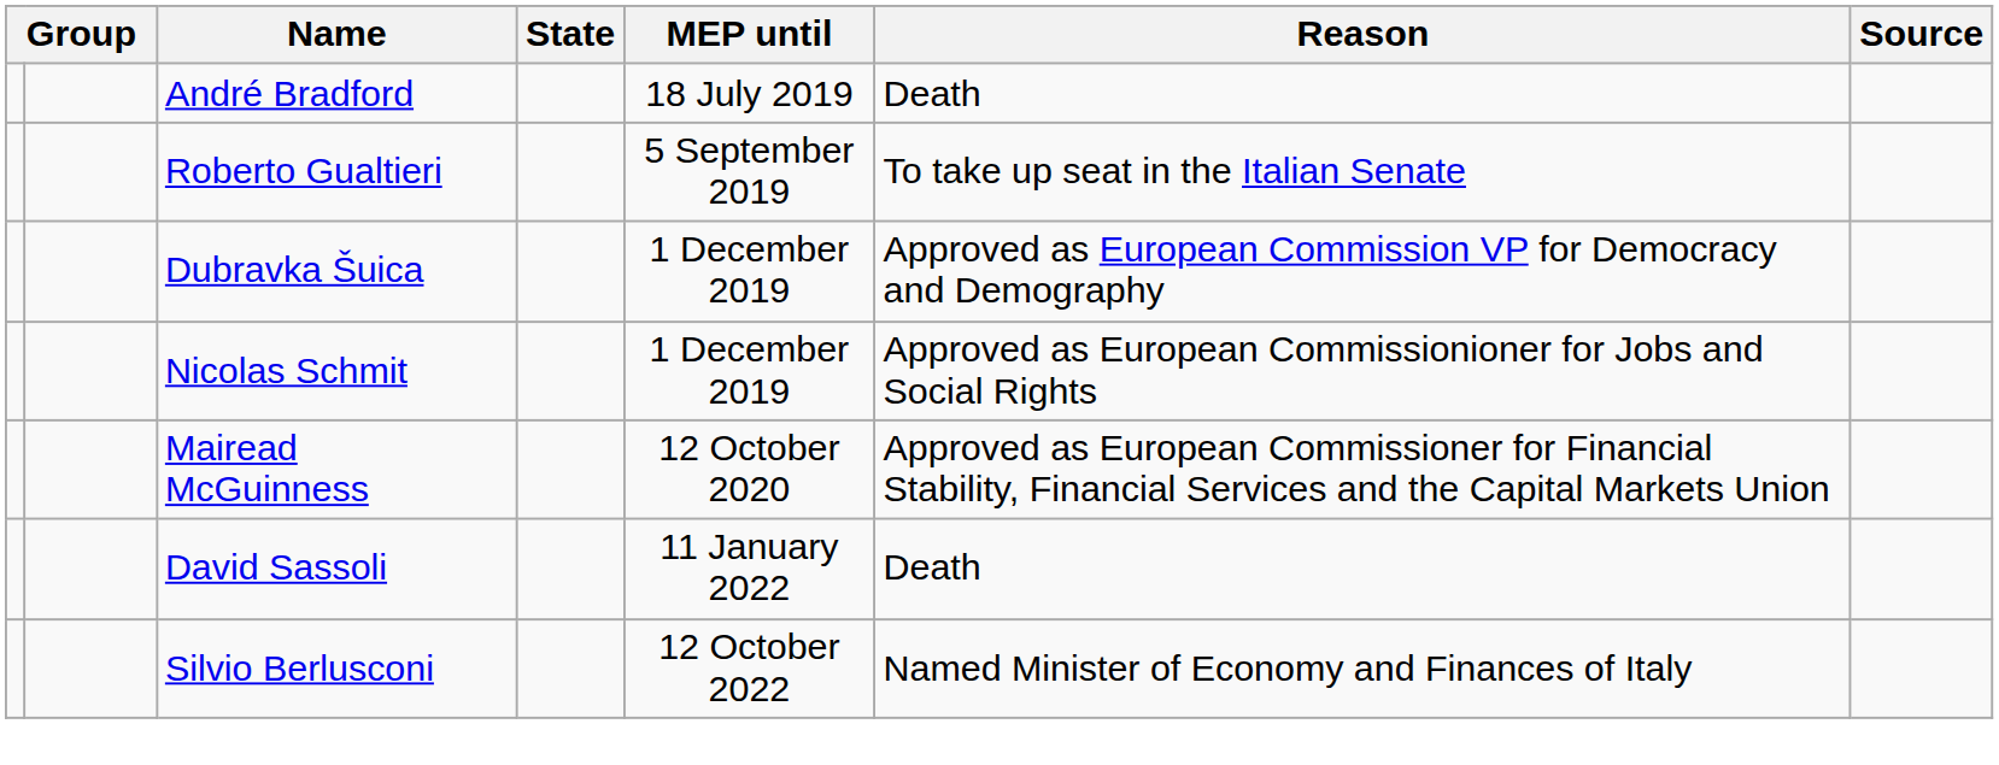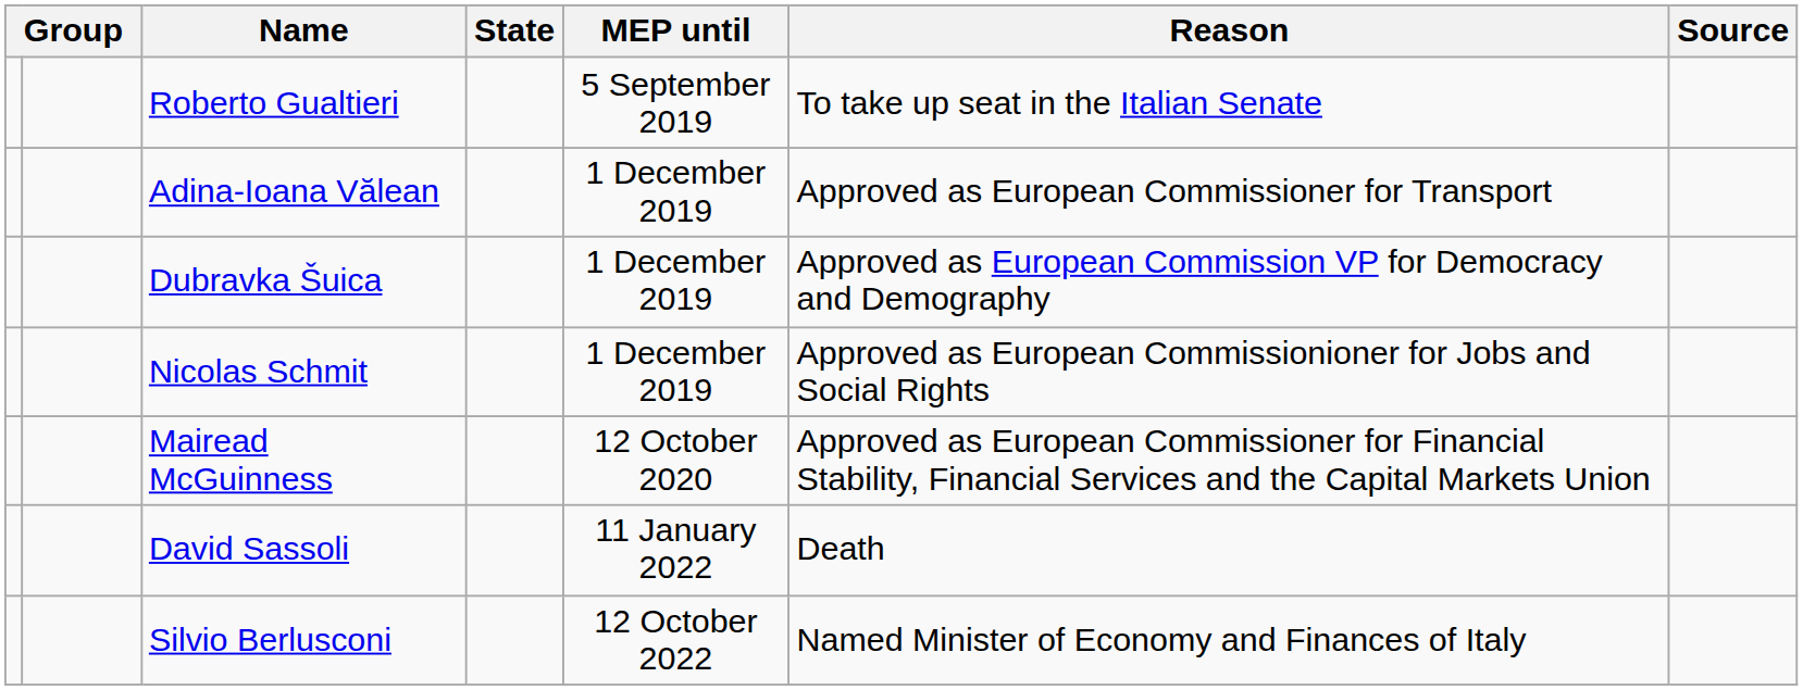 <table class="wikitable">
 <tr>
 <th colspan="2">Group</th>
 <th>Name</th>
 <th>State</th>
 <th>MEP until</th>
 <th>Reason</th>
 <th>Source</th>
 </tr>
 <tr>
 <td style="width:1px; background-color:"></td>
-<td style="width:50px;"><strong></strong></td>
-<td style="width:150px;"><a href='#'>André Bradford</a></td>
+<td><strong></strong></td>
+<td><a href='#'>Roberto Gualtieri</a></td>
 <td></td>
-<td align=center>18 July 2019</td>
-<td>Death</td>
+<td align=center>5 September 2019</td>
+<td>To take up seat in the <a href='#'>Italian Senate</a></td>
 <td></td>
 </tr>
 <tr>
 <td style="width:1px; background-color:"></td>
 <td><strong></strong></td>
-<td><a href='#'>Roberto Gualtieri</a></td>
+<td><a href='#'>Adina-Ioana Vălean</a></td>
 <td></td>
-<td align=center>5 September 2019</td>
-<td>To take up seat in the <a href='#'>Italian Senate</a></td>
+<td align=center>1 December 2019</td>
+<td>Approved as European Commissioner for Transport</td>
 <td></td>
 </tr>
 <tr>
 <td style="width:1px; background-color:"></td>
 <td><strong></strong></td>
 <td><a href='#'>Dubravka Šuica</a></td>
 <td></td>
 <td align=center>1 December 2019</td>
 <td>Approved as <a href='#'>European Commission VP</a> for Democracy and Demography</td>
 <td></td>
 </tr>
 <tr>
 <td style="width:1px; background-color:"></td>
 <td><strong></strong></td>
 <td><a href='#'>Nicolas Schmit</a></td>
 <td></td>
 <td align=center>1 December 2019</td>
 <td>Approved as European Commissionioner for Jobs and Social Rights</td>
 <td></td>
 </tr>
 <tr>
 <td style="width:1px; background-color:"></td>
 <td><strong></strong></td>
 <td><a href='#'>Mairead McGuinness</a></td>
 <td></td>
 <td align=center>12 October 2020</td>
 <td>Approved as European Commissioner for Financial Stability, Financial Services and the Capital Markets Union</td>
 <td></td>
 </tr>
 <tr>
 <td style="width:1px; background-color:"></td>
 <td style="width:50px;"><strong></strong></td>
 <td style="width:150px;"><a href='#'>David Sassoli</a></td>
 <td></td>
 <td align=center>11 January 2022</td>
 <td>Death</td>
 <td></td>
 </tr>
 <tr>
 <td style="width:1px; background-color:"></td>
 <td><strong></strong></td>
 <td><a href='#'>Silvio Berlusconi</a></td>
 <td></td>
 <td align=center>12 October 2022</td>
 <td>Named Minister of Economy and Finances of Italy</td>
 <td></td>
 </tr>
 </table>
